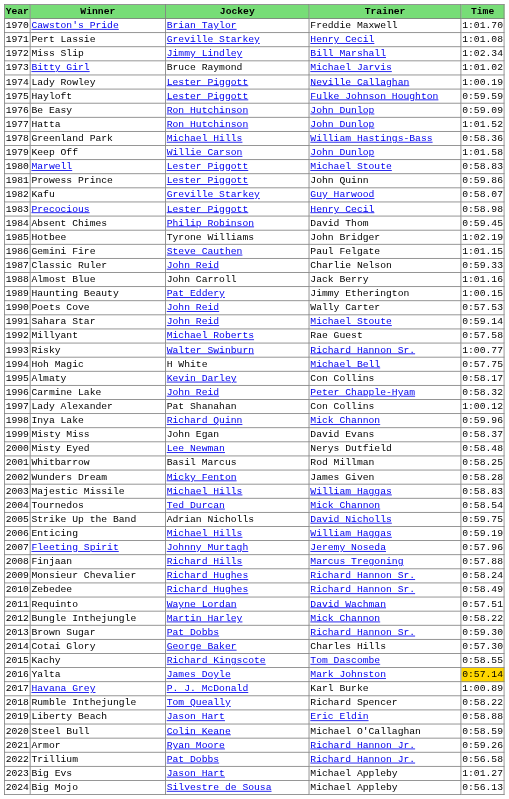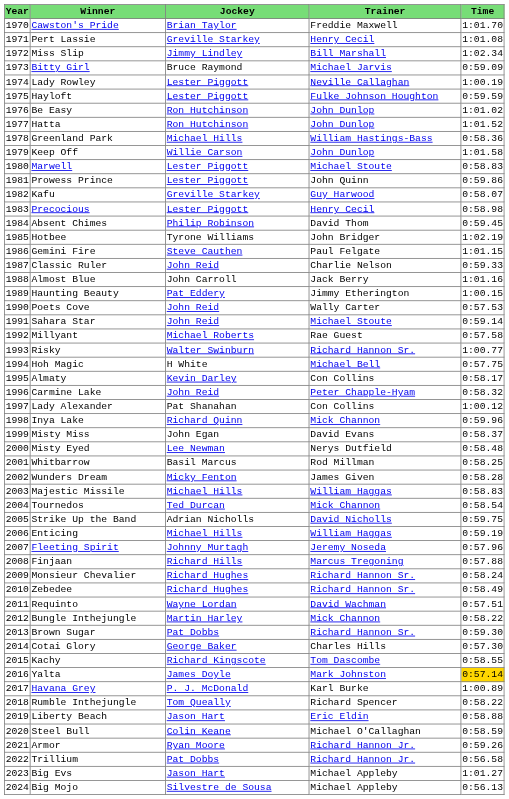 <table class = "sortable" | border="1" style="border-collapse: collapse; font-size:90%">
 <tr bgcolor="#77dd77" align="center">
 <th>Year</th>
 <th>Winner</th>
 <th>Jockey</th>
 <th>Trainer</th>
 <th>Time</th>
 </tr>
 <tr>
 <td>1970</td>
 <td width=160px><a href='#'>Cawston's Pride</a></td>
 <td width=170px><a href='#'>Brian Taylor</a></td>
 <td width=180px>Freddie Maxwell</td>
 <td>1:01.70</td>
 </tr>
 <tr>
 <td>1971</td>
 <td>Pert Lassie</td>
 <td width=170px><a href='#'>Greville Starkey</a></td>
 <td width=180px><a href='#'>Henry Cecil</a></td>
 <td>1:01.08</td>
 </tr>
 <tr>
 <td>1972</td>
 <td>Miss Slip</td>
 <td><a href='#'>Jimmy Lindley</a></td>
 <td><a href='#'>Bill Marshall</a></td>
 <td>1:02.34</td>
 </tr>
 <tr>
 <td>1973</td>
 <td><a href='#'>Bitty Girl</a></td>
 <td>Bruce Raymond</td>
 <td><a href='#'>Michael Jarvis</a></td>
-<td>1:01.02</td>
+<td>0:59.09</td>
 </tr>
 <tr>
 <td>1974</td>
 <td>Lady Rowley</td>
 <td><a href='#'>Lester Piggott</a></td>
 <td><a href='#'>Neville Callaghan</a></td>
 <td>1:00.19</td>
 </tr>
 <tr>
 <td>1975</td>
 <td>Hayloft</td>
 <td><a href='#'>Lester Piggott</a></td>
 <td><a href='#'>Fulke Johnson Houghton</a></td>
 <td>0:59.59</td>
 </tr>
 <tr>
 <td>1976</td>
 <td>Be Easy</td>
 <td><a href='#'>Ron Hutchinson</a></td>
 <td><a href='#'>John Dunlop</a></td>
-<td>0:59.09</td>
+<td>1:01.02</td>
 </tr>
 <tr>
 <td>1977</td>
 <td>Hatta</td>
 <td><a href='#'>Ron Hutchinson</a></td>
 <td><a href='#'>John Dunlop</a></td>
 <td>1:01.52</td>
 </tr>
 <tr>
 <td>1978</td>
 <td>Greenland Park</td>
 <td><a href='#'>Michael Hills</a></td>
 <td><a href='#'>William Hastings-Bass</a></td>
 <td>0:58.36</td>
 </tr>
 <tr>
 <td>1979</td>
 <td>Keep Off</td>
 <td><a href='#'>Willie Carson</a></td>
 <td><a href='#'>John Dunlop</a></td>
 <td>1:01.58</td>
 </tr>
 <tr>
 <td>1980</td>
 <td><a href='#'>Marwell</a></td>
 <td><a href='#'>Lester Piggott</a></td>
 <td><a href='#'>Michael Stoute</a></td>
 <td>0:58.83</td>
 </tr>
 <tr>
 <td>1981</td>
 <td>Prowess Prince</td>
 <td><a href='#'>Lester Piggott</a></td>
 <td>John Quinn</td>
 <td>0:59.86</td>
 </tr>
 <tr>
 <td>1982</td>
 <td>Kafu</td>
 <td><a href='#'>Greville Starkey</a></td>
 <td><a href='#'>Guy Harwood</a></td>
 <td>0:58.07</td>
 </tr>
 <tr>
 <td>1983</td>
 <td><a href='#'>Precocious</a></td>
 <td><a href='#'>Lester Piggott</a></td>
 <td><a href='#'>Henry Cecil</a></td>
 <td>0:58.98</td>
 </tr>
 <tr>
 <td>1984</td>
 <td>Absent Chimes</td>
 <td><a href='#'>Philip Robinson</a></td>
 <td>David Thom</td>
 <td>0:59.45</td>
 </tr>
 <tr>
 <td>1985</td>
 <td>Hotbee</td>
 <td>Tyrone Williams</td>
 <td>John Bridger</td>
 <td>1:02.19</td>
 </tr>
 <tr>
 <td>1986</td>
 <td>Gemini Fire</td>
 <td><a href='#'>Steve Cauthen</a></td>
 <td>Paul Felgate</td>
 <td>1:01.15</td>
 </tr>
 <tr>
 <td>1987</td>
 <td>Classic Ruler</td>
 <td><a href='#'>John Reid</a></td>
 <td>Charlie Nelson</td>
 <td>0:59.33</td>
 </tr>
 <tr>
 <td>1988</td>
 <td>Almost Blue</td>
 <td>John Carroll</td>
 <td>Jack Berry</td>
 <td>1:01.16</td>
 </tr>
 <tr>
 <td>1989</td>
 <td>Haunting Beauty</td>
 <td><a href='#'>Pat Eddery</a></td>
 <td>Jimmy Etherington</td>
 <td>1:00.15</td>
 </tr>
 <tr>
 <td>1990</td>
 <td>Poets Cove </td>
 <td><a href='#'>John Reid</a></td>
 <td>Wally Carter</td>
 <td>0:57.53</td>
 </tr>
 <tr>
 <td>1991</td>
 <td>Sahara Star</td>
 <td><a href='#'>John Reid</a></td>
 <td><a href='#'>Michael Stoute</a></td>
 <td>0:59.14</td>
 </tr>
 <tr>
 <td>1992</td>
 <td>Millyant</td>
 <td><a href='#'>Michael Roberts</a></td>
 <td>Rae Guest</td>
 <td>0:57.58</td>
 </tr>
 <tr>
 <td>1993</td>
 <td>Risky</td>
 <td><a href='#'>Walter Swinburn</a></td>
 <td><a href='#'>Richard Hannon Sr.</a></td>
 <td>1:00.77</td>
 </tr>
 <tr>
 <td>1994</td>
 <td>Hoh Magic</td>
 <td>H White</td>
 <td><a href='#'>Michael Bell</a></td>
 <td>0:57.75</td>
 </tr>
 <tr>
 <td>1995</td>
 <td>Almaty</td>
 <td><a href='#'>Kevin Darley</a></td>
 <td>Con Collins</td>
 <td>0:58.17</td>
 </tr>
 <tr>
 <td>1996</td>
 <td>Carmine Lake</td>
 <td><a href='#'>John Reid</a></td>
 <td><a href='#'>Peter Chapple-Hyam</a></td>
 <td>0:58.32</td>
 </tr>
 <tr>
 <td>1997</td>
 <td>Lady Alexander</td>
 <td>Pat Shanahan</td>
 <td>Con Collins</td>
 <td>1:00.12</td>
 </tr>
 <tr>
 <td>1998</td>
 <td>Inya Lake</td>
 <td><a href='#'>Richard Quinn</a></td>
 <td><a href='#'>Mick Channon</a></td>
 <td>0:59.96</td>
 </tr>
 <tr>
 <td>1999</td>
 <td>Misty Miss</td>
 <td>John Egan</td>
 <td>David Evans</td>
 <td>0:58.37</td>
 </tr>
 <tr>
 <td>2000</td>
 <td>Misty Eyed</td>
 <td><a href='#'>Lee Newman</a></td>
 <td>Nerys Dutfield</td>
 <td>0:58.48</td>
 </tr>
 <tr>
 <td>2001</td>
 <td>Whitbarrow</td>
 <td>Basil Marcus</td>
 <td>Rod Millman</td>
 <td>0:58.25</td>
 </tr>
 <tr>
 <td>2002</td>
 <td>Wunders Dream</td>
 <td><a href='#'>Micky Fenton</a></td>
 <td>James Given</td>
 <td>0:58.28</td>
 </tr>
 <tr>
 <td>2003</td>
 <td>Majestic Missile</td>
 <td><a href='#'>Michael Hills</a></td>
 <td><a href='#'>William Haggas</a></td>
 <td>0:58.83</td>
 </tr>
 <tr>
 <td>2004</td>
 <td>Tournedos</td>
 <td><a href='#'>Ted Durcan</a></td>
 <td><a href='#'>Mick Channon</a></td>
 <td>0:58.54</td>
 </tr>
 <tr>
 <td>2005</td>
 <td>Strike Up the Band</td>
 <td>Adrian Nicholls</td>
 <td><a href='#'>David Nicholls</a></td>
 <td>0:59.75</td>
 </tr>
 <tr>
 <td>2006</td>
 <td>Enticing</td>
 <td><a href='#'>Michael Hills</a></td>
 <td><a href='#'>William Haggas</a></td>
 <td>0:59.19</td>
 </tr>
 <tr>
 <td>2007</td>
 <td><a href='#'>Fleeting Spirit</a></td>
 <td><a href='#'>Johnny Murtagh</a></td>
 <td><a href='#'>Jeremy Noseda</a></td>
 <td>0:57.96</td>
 </tr>
 <tr>
 <td>2008</td>
 <td>Finjaan</td>
 <td><a href='#'>Richard Hills</a></td>
 <td><a href='#'>Marcus Tregoning</a></td>
 <td>0:57.88</td>
 </tr>
 <tr>
 <td>2009</td>
 <td>Monsieur Chevalier</td>
 <td><a href='#'>Richard Hughes</a></td>
 <td><a href='#'>Richard Hannon Sr.</a></td>
 <td>0:58.24</td>
 </tr>
 <tr>
 <td>2010</td>
 <td>Zebedee</td>
 <td><a href='#'>Richard Hughes</a></td>
 <td><a href='#'>Richard Hannon Sr.</a></td>
 <td>0:58.49</td>
 </tr>
 <tr>
 <td>2011</td>
 <td>Requinto</td>
 <td><a href='#'>Wayne Lordan</a></td>
 <td><a href='#'>David Wachman</a></td>
 <td>0:57.51</td>
 </tr>
 <tr>
 <td>2012</td>
 <td>Bungle Inthejungle</td>
 <td><a href='#'>Martin Harley</a></td>
 <td><a href='#'>Mick Channon</a></td>
 <td>0:58.22</td>
 </tr>
 <tr>
 <td>2013</td>
 <td>Brown Sugar</td>
 <td><a href='#'>Pat Dobbs</a></td>
 <td><a href='#'>Richard Hannon Sr.</a></td>
 <td>0:59.30</td>
 </tr>
 <tr>
 <td>2014</td>
 <td>Cotai Glory</td>
 <td><a href='#'>George Baker</a></td>
 <td>Charles Hills</td>
 <td>0:57.30</td>
 </tr>
 <tr>
 <td>2015</td>
 <td>Kachy</td>
 <td><a href='#'>Richard Kingscote</a></td>
 <td><a href='#'>Tom Dascombe</a></td>
 <td>0:58.55</td>
 </tr>
 <tr>
 <td>2016</td>
 <td>Yalta</td>
 <td><a href='#'>James Doyle</a></td>
 <td><a href='#'>Mark Johnston</a></td>
 <td style="background: gold;">0:57.14</td>
 </tr>
 <tr>
 <td>2017</td>
 <td><a href='#'>Havana Grey</a></td>
 <td><a href='#'>P. J. McDonald</a></td>
 <td>Karl Burke</td>
 <td>1:00.89</td>
 </tr>
 <tr>
 <td>2018</td>
 <td>Rumble Inthejungle</td>
 <td><a href='#'>Tom Queally</a></td>
 <td>Richard Spencer</td>
 <td>0:58.22</td>
 </tr>
 <tr>
 <td>2019</td>
 <td>Liberty Beach</td>
 <td><a href='#'>Jason Hart</a></td>
 <td><a href='#'>Eric Eldin</a></td>
 <td>0:58.88</td>
 </tr>
 <tr>
 <td>2020</td>
 <td>Steel Bull</td>
 <td><a href='#'>Colin Keane</a></td>
 <td>Michael O'Callaghan</td>
 <td>0:58.59</td>
 </tr>
 <tr>
 <td>2021</td>
 <td>Armor</td>
 <td><a href='#'>Ryan Moore</a></td>
 <td><a href='#'>Richard Hannon Jr.</a></td>
 <td>0:59.26</td>
 </tr>
 <tr>
 <td>2022</td>
 <td>Trillium</td>
 <td><a href='#'>Pat Dobbs</a></td>
 <td><a href='#'>Richard Hannon Jr.</a></td>
 <td>0:56.58</td>
 </tr>
 <tr>
 <td>2023</td>
 <td>Big Evs</td>
 <td><a href='#'>Jason Hart</a></td>
 <td>Michael Appleby</td>
 <td>1:01.27</td>
 </tr>
 <tr>
 <td>2024</td>
 <td>Big Mojo</td>
 <td><a href='#'>Silvestre de Sousa</a></td>
 <td>Michael Appleby</td>
 <td>0:56.13</td>
 </tr>
 </table>
